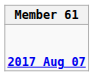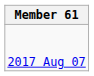 <table class=wikitable align=right>
 <tr>
 <th>Member 61</th>
 </tr>
 <tr>
-<td><strong><br><br><a href='#'>2017 Aug 07</a></strong></td>
+<td><br><br><a href='#'>2017 Aug 07</a></td>
 </tr>
 </table>
